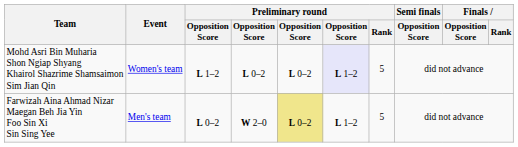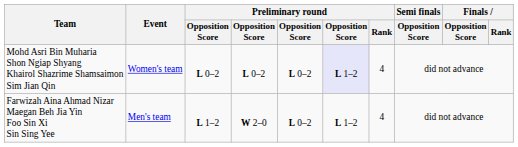 <table class="wikitable" style="font-size:90%">
 <tr>
 <th rowspan=2>Team</th>
 <th rowspan=2>Event</th>
 <th colspan=5>Preliminary round</th>
 <th>Semi finals</th>
 <th colspan=2>Finals / </th>
 </tr>
 <tr style="font-size:95%">
 <th>Opposition<br>Score</th>
 <th>Opposition<br>Score</th>
 <th>Opposition<br>Score</th>
 <th>Opposition<br>Score</th>
 <th>Rank</th>
 <th>Opposition<br>Score</th>
 <th>Opposition<br>Score</th>
 <th>Rank</th>
 </tr>
 <tr align=center>
 <td align=left>Mohd Asri Bin Muharia<br>Shon Ngiap Shyang<br>Khairol Shazrime Shamsaimon<br>Sim Jian Qin</td>
 <td align=left><a href='#'>Women's team</a></td>
-<td><br><strong>L</strong> 1–2</td>
+<td><br><strong>L</strong> 0–2</td>
 <td><br><strong>L</strong> 0–2</td>
 <td><br><strong>L</strong> 0–2</td>
 <td style="background: lavender;"><br><strong>L</strong> 1–2</td>
-<td>5</td>
+<td>4</td>
 <td colspan=3>did not advance</td>
 </tr>
 <tr align=center>
 <td align=left>Farwizah Aina Ahmad Nizar<br>Maegan Beh Jia Yin<br>Foo Sin Xi<br>Sin Sing Yee</td>
 <td align=left><a href='#'>Men's team</a></td>
+<td><br><strong>L</strong> 1–2</td>
+<td><br><strong>W</strong> 2–0</td>
 <td><br><strong>L</strong> 0–2</td>
-<td><br><strong>W</strong> 2–0</td>
-<td style="background: khaki;"><br><strong>L</strong> 0–2</td>
 <td><br><strong>L</strong> 1–2</td>
-<td>5</td>
+<td>4</td>
 <td colspan=3>did not advance</td>
 </tr>
 </table>
